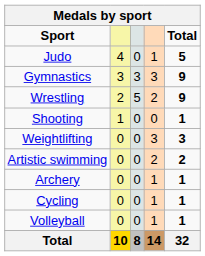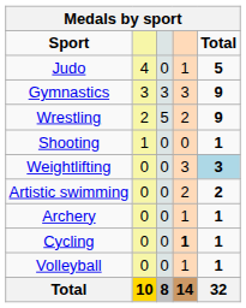 <table class=wikitable style="font-size:95%; float:right">
 <tr bgcolor=efefef>
 <th colspan=7><strong>Medals by sport</strong></th>
 </tr>
 <tr align=center>
 <td><strong>Sport</strong></td>
 <td bgcolor=f7f6a8></td>
 <td bgcolor=dce5e5></td>
 <td bgcolor=ffdab9></td>
 <td><strong>Total</strong></td>
 </tr>
 <tr align=center>
 <td><a href='#'>Judo</a></td>
 <td style="background:#F7F6A8;">4</td>
 <td style="background:#DCE5E5;">0</td>
 <td style="background:#FFDAB9;">1</td>
 <td><strong>5</strong></td>
 </tr>
 <tr align=center>
 <td><a href='#'>Gymnastics</a></td>
 <td style="background:#F7F6A8;">3</td>
 <td style="background:#DCE5E5;">3</td>
 <td style="background:#FFDAB9;">3</td>
 <td><strong>9</strong></td>
 </tr>
 <tr align=center>
 <td><a href='#'>Wrestling</a></td>
 <td style="background:#F7F6A8;">2</td>
 <td style="background:#DCE5E5;">5</td>
 <td style="background:#FFDAB9;">2</td>
 <td><strong>9</strong></td>
 </tr>
 <tr align=center>
 <td><a href='#'>Shooting</a></td>
 <td style="background:#F7F6A8;">1</td>
 <td style="background:#DCE5E5;">0</td>
 <td style="background:#FFDAB9;">0</td>
 <td><strong>1</strong></td>
 </tr>
 <tr align=center>
 <td><a href='#'>Weightlifting</a></td>
 <td style="background:#F7F6A8;">0</td>
 <td style="background:#DCE5E5;">0</td>
 <td style="background:#FFDAB9;">3</td>
-<td><strong>3</strong></td>
+<td style="background: lightblue;"><strong>3</strong></td>
 </tr>
 <tr align=center>
 <td><a href='#'>Artistic swimming</a></td>
 <td style="background:#F7F6A8;">0</td>
 <td style="background:#DCE5E5;">0</td>
 <td style="background:#FFDAB9;">2</td>
 <td><strong>2</strong></td>
 </tr>
 <tr align=center>
 <td><a href='#'>Archery</a></td>
 <td style="background:#F7F6A8;">0</td>
 <td style="background:#DCE5E5;">0</td>
 <td style="background:#FFDAB9;">1</td>
 <td><strong>1</strong></td>
 </tr>
 <tr align=center>
 <td><a href='#'>Cycling</a></td>
 <td style="background:#F7F6A8;">0</td>
 <td style="background:#DCE5E5;">0</td>
-<td style="background:#FFDAB9;">1</td>
+<td style="background:#FFDAB9;"><strong>1</strong></td>
 <td><strong>1</strong></td>
 </tr>
 <tr align=center>
 <td><a href='#'>Volleyball</a></td>
 <td style="background:#F7F6A8;">0</td>
 <td style="background:#DCE5E5;">0</td>
 <td style="background:#FFDAB9;">1</td>
 <td><strong>1</strong></td>
 </tr>
 <tr align=center>
 <th>Total</th>
 <th style="background:gold">10</th>
 <th style="background:silver">8</th>
 <th style="background:#c96">14</th>
 <th>32</th>
 </tr>
 </table>
